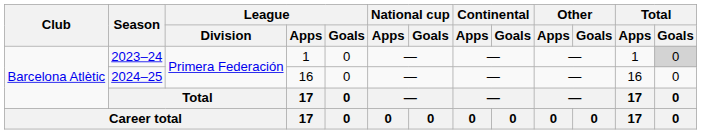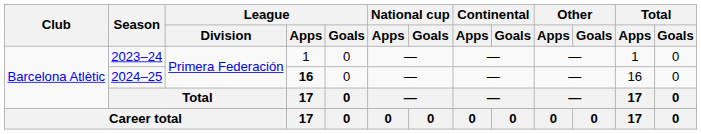 <table class="wikitable" style="text-align: center">
 <tr>
 <th rowspan="2">Club</th>
 <th rowspan="2">Season</th>
 <th colspan="3">League</th>
 <th colspan="2">National cup</th>
 <th colspan="2">Continental</th>
 <th colspan="2">Other</th>
 <th colspan="2">Total</th>
 </tr>
 <tr>
 <th>Division</th>
 <th>Apps</th>
 <th>Goals</th>
 <th>Apps</th>
 <th>Goals</th>
 <th>Apps</th>
 <th>Goals</th>
 <th>Apps</th>
 <th>Goals</th>
 <th>Apps</th>
 <th>Goals</th>
 </tr>
 <tr>
 <td rowspan=3><a href='#'>Barcelona Atlètic</a></td>
 <td><a href='#'>2023–24</a></td>
 <td rowspan=2><a href='#'>Primera Federación</a></td>
 <td>1</td>
 <td>0</td>
 <td colspan="2">—</td>
 <td colspan="2">—</td>
 <td colspan="2">—</td>
 <td>1</td>
-<td style="background: lightgrey;">0</td>
+<td>0</td>
 </tr>
 <tr>
 <td><a href='#'>2024–25</a></td>
-<td>16</td>
+<td><strong>16</strong></td>
 <td>0</td>
 <td colspan="2">—</td>
 <td colspan="2">—</td>
 <td colspan="2">—</td>
 <td>16</td>
 <td>0</td>
 </tr>
 <tr>
 <th colspan=2>Total</th>
 <th>17</th>
 <th>0</th>
 <th colspan="2">—</th>
 <th colspan="2">—</th>
 <th colspan="2">—</th>
 <th>17</th>
 <th>0</th>
 </tr>
 <tr>
 <th colspan=3>Career total</th>
 <th>17</th>
 <th>0</th>
 <th>0</th>
 <th>0</th>
 <th>0</th>
 <th>0</th>
 <th>0</th>
 <th>0</th>
 <th>17</th>
 <th>0</th>
 </tr>
 </table>
